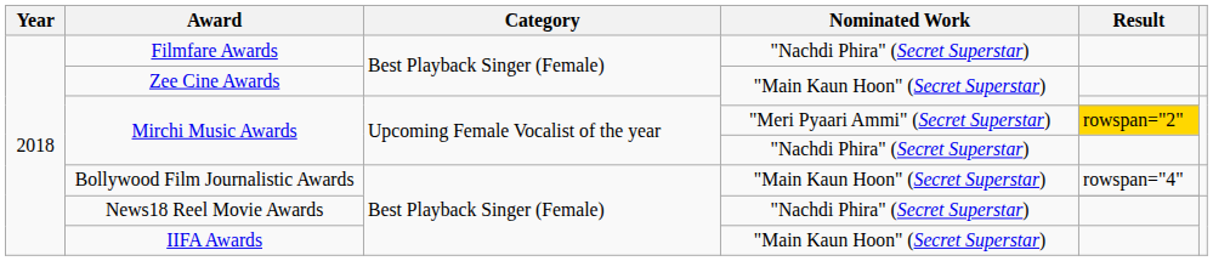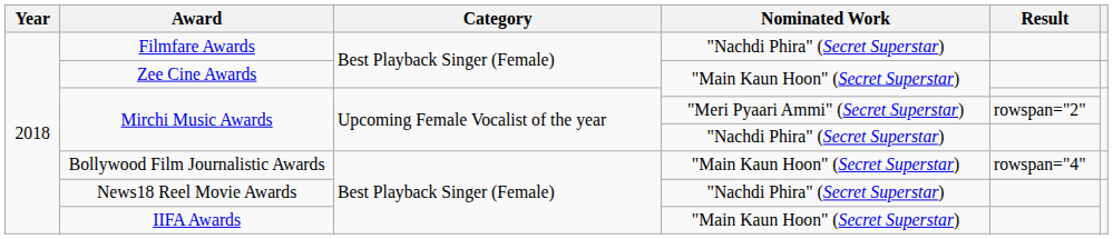 <table width="80%" class="wikitable plainrowheaders sortable">
 <tr>
 <th width="5%">Year</th>
 <th width="25%">Award</th>
 <th width="30%">Category</th>
 <th width="30%">Nominated Work</th>
 <th width="10%">Result</th>
 <th scope="col" class="unsortable"></th>
 </tr>
 <tr>
 <td rowspan="9" align="center">2018</td>
 <td align="center"><a href='#'>Filmfare Awards</a></td>
 <td rowspan="2">Best Playback Singer (Female)</td>
 <td align="center">"Nachdi Phira" (<em><a href='#'>Secret Superstar</a></em>)</td>
 <td></td>
 <td style="text-align:center;"></td>
 </tr>
 <tr>
 <td align="center"><a href='#'>Zee Cine Awards</a></td>
 <td rowspan="2" align="center">"Main Kaun Hoon" (<em><a href='#'>Secret Superstar</a></em>)</td>
 <td></td>
 <td style="text-align:center;"></td>
 </tr>
 <tr>
 <td align="center" rowspan="3"><a href='#'>Mirchi Music Awards</a></td>
 <td rowspan="3">Upcoming Female Vocalist of the year</td>
 <td></td>
 <td style="text-align:center;" rowspan="3"></td>
 </tr>
 <tr>
 <td align="center">"Meri Pyaari Ammi" (<em><a href='#'>Secret Superstar</a></em>)</td>
-<td style="background: gold;">rowspan="2" </td>
+<td>rowspan="2" </td>
 </tr>
 <tr>
 <td align="center">"Nachdi Phira" (<em><a href='#'>Secret Superstar</a></em>)</td>
 </tr>
 <tr>
 <td align="center" rowspan="2">Bollywood Film Journalistic Awards</td>
 <td rowspan="4">Best Playback Singer (Female)</td>
 <td align="center">"Main Kaun Hoon" (<em><a href='#'>Secret Superstar</a></em>)</td>
 <td>rowspan="4" </td>
 <td style="text-align:center;" rowspan="2"></td>
 </tr>
 <tr>
 <td align="center" rowspan="2">"Nachdi Phira" (<em><a href='#'>Secret Superstar</a></em>)</td>
 </tr>
 <tr>
 <td align="center">News18 Reel Movie Awards</td>
 <td style="text-align:center;"></td>
 </tr>
 <tr>
 <td align="center"><a href='#'>IIFA Awards</a></td>
 <td align="center">"Main Kaun Hoon" (<em><a href='#'>Secret Superstar</a></em>)</td>
 <td style="text-align:center;"></td>
 </tr>
 </table>
